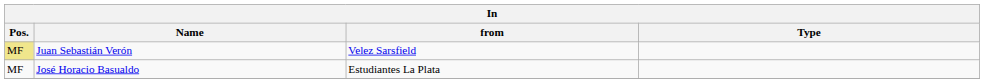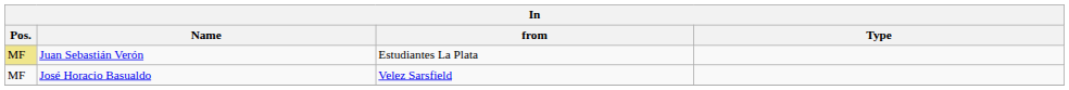 <table class="wikitable" style="font-size:90%;width:99%;">
 <tr>
 <th colspan="4">In</th>
 </tr>
 <tr>
 <th width=3%>Pos.</th>
 <th width=32%>Name</th>
 <th width=30%>from</th>
 <th width=35%>Type</th>
 </tr>
 <tr>
 <td style="background: khaki;">MF</td>
 <td><a href='#'>Juan Sebastián Verón</a></td>
-<td><a href='#'>Velez Sarsfield</a></td>
+<td>Estudiantes La Plata</td>
 <td></td>
 </tr>
 <tr>
 <td>MF</td>
 <td><a href='#'>José Horacio Basualdo</a></td>
-<td>Estudiantes La Plata</td>
+<td><a href='#'>Velez Sarsfield</a></td>
 <td></td>
 </tr>
 <tr>
 </tr>
 </table>
